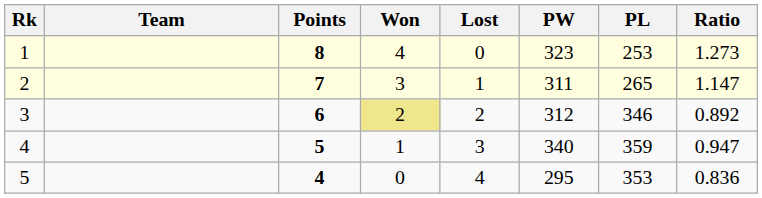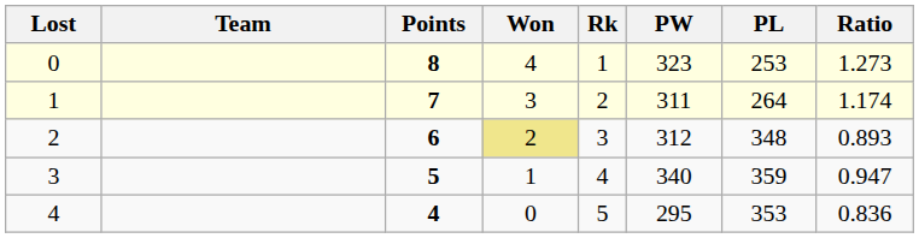 <table class=wikitable style="text-align:center">
 <tr bgcolor="#DCDCDC">
-<th width="25">Rk</th>
+<th width="60">Lost</th>
 <th width="200">Team</th>
 <th width="60">Points</th>
 <th width="60">Won</th>
-<th width="60">Lost</th>
+<th width="25">Rk</th>
 <th width="60">PW</th>
 <th width="60">PL</th>
 <th width="60">Ratio</th>
 </tr>
 <tr bgcolor=lightyellow>
-<td>1</td>
+<td>0</td>
 <td align=left></td>
 <td><strong>8</strong></td>
 <td>4</td>
-<td>0</td>
+<td>1</td>
 <td>323</td>
 <td>253</td>
 <td>1.273</td>
 </tr>
 <tr bgcolor=lightyellow>
-<td>2</td>
+<td>1</td>
 <td align=left></td>
 <td><strong>7</strong></td>
 <td>3</td>
-<td>1</td>
+<td>2</td>
 <td>311</td>
-<td>265</td>
-<td>1.147</td>
+<td>264</td>
+<td>1.174</td>
+</tr>
+<tr>
+<td>2</td>
+<td align=left></td>
+<td><strong>6</strong></td>
+<td style="background: khaki;">2</td>
+<td>3</td>
+<td>312</td>
+<td>348</td>
+<td>0.893</td>
 </tr>
 <tr>
 <td>3</td>
 <td align=left></td>
-<td><strong>6</strong></td>
-<td style="background: khaki;">2</td>
-<td>2</td>
-<td>312</td>
-<td>346</td>
-<td>0.892</td>
-</tr>
-<tr>
-<td>4</td>
-<td align=left></td>
 <td><strong>5</strong></td>
 <td>1</td>
-<td>3</td>
+<td>4</td>
 <td>340</td>
 <td>359</td>
 <td>0.947</td>
 </tr>
 <tr>
-<td>5</td>
+<td>4</td>
 <td align=left></td>
 <td><strong>4</strong></td>
 <td>0</td>
-<td>4</td>
+<td>5</td>
 <td>295</td>
 <td>353</td>
 <td>0.836</td>
 </tr>
 </table>
